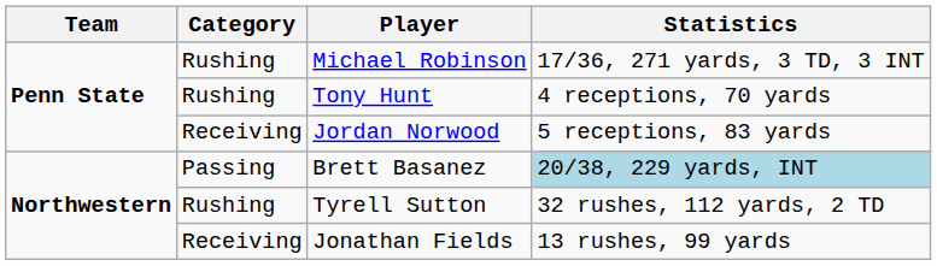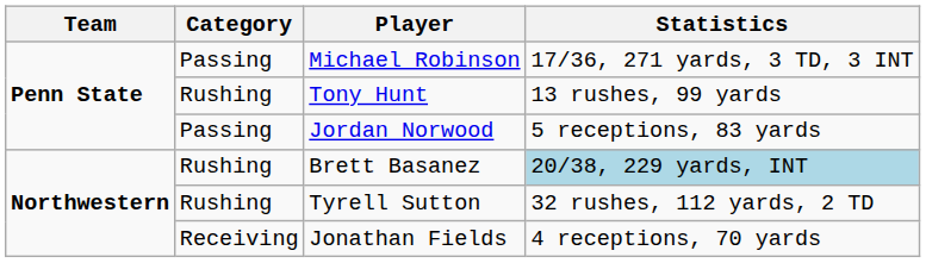 <table class="wikitable" style="float: left;">
 <tr>
 <th>Team</th>
 <th>Category</th>
 <th>Player</th>
 <th>Statistics</th>
 </tr>
 <tr>
 <td rowspan=3><strong>Penn State</strong></td>
-<td>Rushing</td>
+<td>Passing</td>
 <td><a href='#'>Michael Robinson</a></td>
 <td>17/36, 271 yards, 3 TD, 3 INT</td>
 </tr>
 <tr>
 <td>Rushing</td>
 <td><a href='#'>Tony Hunt</a></td>
-<td>4 receptions, 70 yards</td>
+<td>13 rushes, 99 yards</td>
 </tr>
 <tr>
-<td>Receiving</td>
+<td>Passing</td>
 <td><a href='#'>Jordan Norwood</a></td>
 <td>5 receptions, 83 yards</td>
 </tr>
 <tr>
 <td rowspan=3><strong>Northwestern</strong></td>
-<td>Passing</td>
+<td>Rushing</td>
 <td>Brett Basanez</td>
 <td style="background: lightblue;">20/38, 229 yards, INT</td>
 </tr>
 <tr>
 <td>Rushing</td>
 <td>Tyrell Sutton</td>
 <td>32 rushes, 112 yards, 2 TD</td>
 </tr>
 <tr>
 <td>Receiving</td>
 <td>Jonathan Fields</td>
-<td>13 rushes, 99 yards</td>
+<td>4 receptions, 70 yards</td>
 </tr>
 </table>
